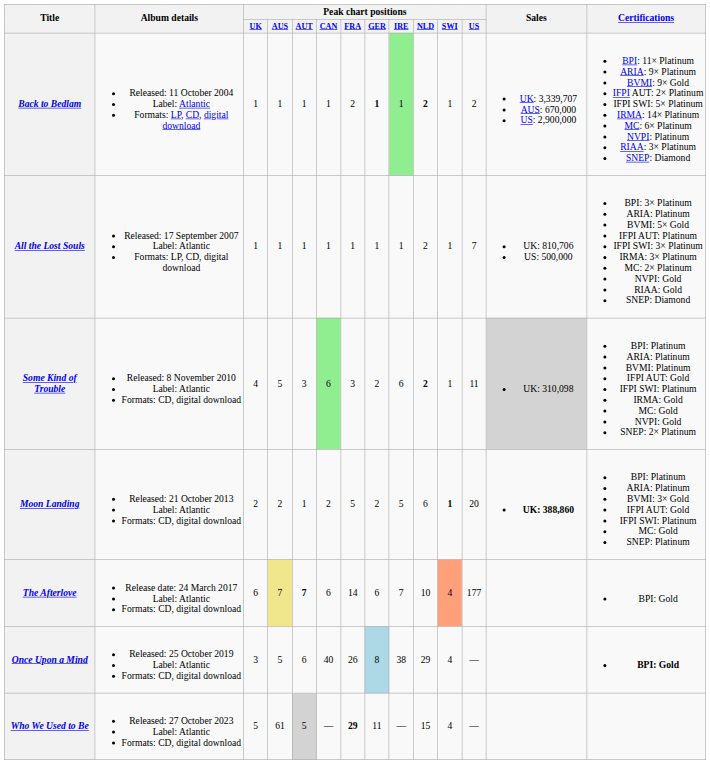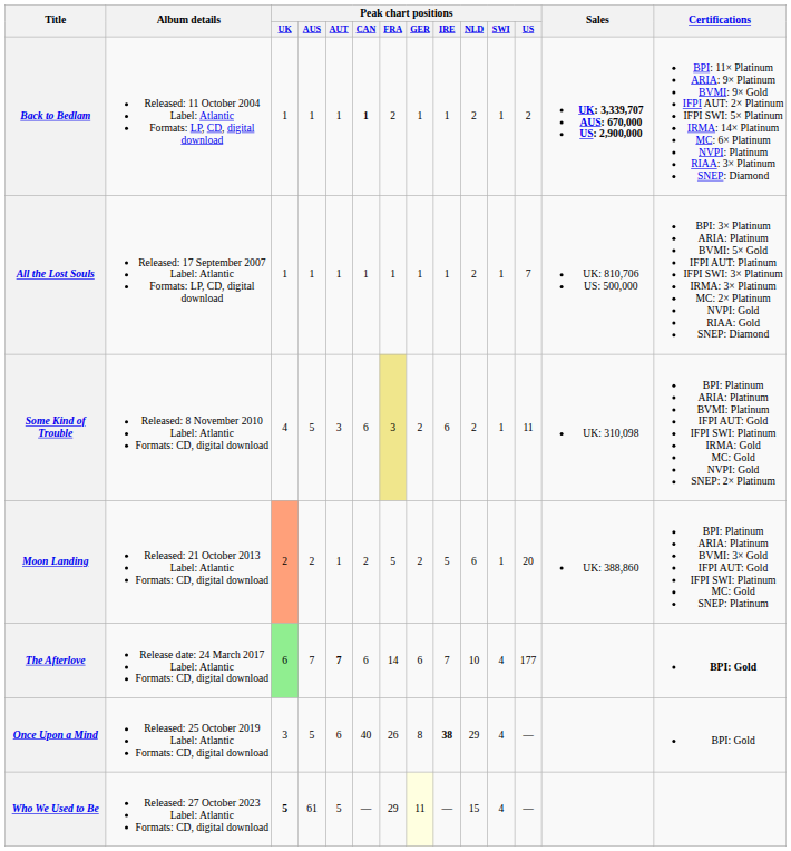 <table class="wikitable plainrowheaders" style="text-align:center;" border="1">
 <tr>
 <th scope="col" rowspan="2" style="width:9em;">Title</th>
 <th scope="col" rowspan="2" style="width:15em;">Album details</th>
 <th scope="col" colspan="10">Peak chart positions</th>
 <th scope="col" rowspan="2" style="width:10em;">Sales</th>
 <th scope="col" rowspan="2"><a href='#'>Certifications</a></th>
 </tr>
 <tr>
 <th scope="col" style="width:2.5em;font-size:85%;"><a href='#'>UK</a><br></th>
 <th scope="col" style="width:2.5em;font-size:85%;"><a href='#'>AUS</a><br></th>
 <th scope="col" style="width:2.5em;font-size:85%;"><a href='#'>AUT</a><br></th>
 <th scope="col" style="width:2.5em;font-size:85%;"><a href='#'>CAN</a><br></th>
 <th scope="col" style="width:2.5em;font-size:85%;"><a href='#'>FRA</a><br></th>
 <th scope="col" style="width:2.5em;font-size:85%;"><a href='#'>GER</a><br></th>
 <th scope="col" style="width:2.5em;font-size:85%;"><a href='#'>IRE</a><br></th>
 <th scope="col" style="width:2.5em;font-size:85%;"><a href='#'>NLD</a><br></th>
 <th scope="col" style="width:2.5em;font-size:85%;"><a href='#'>SWI</a><br></th>
 <th scope="col" style="width:2.5em;font-size:85%;"><a href='#'>US</a><br></th>
 </tr>
 <tr>
 <th scope="row"><em><a href='#'>Back to Bedlam</a></em></th>
 <td><br><ul><li>Released: 11 October 2004</li><li>Label: <a href='#'>Atlantic</a></li><li>Formats: <a href='#'>LP</a>, <a href='#'>CD</a>, <a href='#'>digital download</a></li></ul></td>
 <td>1</td>
 <td>1</td>
 <td>1</td>
+<td><strong>1</strong></td>
+<td>2</td>
+<td>1</td>
 <td>1</td>
 <td>2</td>
-<td><strong>1</strong></td>
-<td style="background: lightgreen;">1</td>
-<td><strong>2</strong></td>
 <td>1</td>
 <td>2</td>
-<td><br><ul><li><a href='#'>UK</a>: 3,339,707</li><li><a href='#'>AUS</a>: 670,000</li><li><a href='#'>US</a>: 2,900,000</li></ul></td>
+<td><strong><br><ul><li><a href='#'>UK</a>: 3,339,707</li><li><a href='#'>AUS</a>: 670,000</li><li><a href='#'>US</a>: 2,900,000</li></ul></strong></td>
 <td><br><ul><li><a href='#'>BPI</a>: 11× Platinum</li><li><a href='#'>ARIA</a>: 9× Platinum</li><li><a href='#'>BVMI</a>: 9× Gold</li><li><a href='#'>IFPI</a> AUT: 2× Platinum</li><li>IFPI SWI: 5× Platinum</li><li><a href='#'>IRMA</a>: 14× Platinum</li><li><a href='#'>MC</a>: 6× Platinum</li><li><a href='#'>NVPI</a>: Platinum</li><li><a href='#'>RIAA</a>: 3× Platinum</li><li><a href='#'>SNEP</a>: Diamond</li></ul></td>
 </tr>
 <tr>
 <th scope="row"><em><a href='#'>All the Lost Souls</a></em></th>
 <td><br><ul><li>Released: 17 September 2007</li><li>Label: Atlantic</li><li>Formats: LP, CD, digital download</li></ul></td>
 <td>1</td>
 <td>1</td>
 <td>1</td>
 <td>1</td>
 <td>1</td>
 <td>1</td>
 <td>1</td>
 <td>2</td>
 <td>1</td>
 <td>7</td>
 <td><br><ul><li>UK: 810,706</li><li>US: 500,000</li></ul></td>
 <td><br><ul><li>BPI: 3× Platinum</li><li>ARIA: Platinum</li><li>BVMI: 5× Gold</li><li>IFPI AUT: Platinum</li><li>IFPI SWI: 3× Platinum</li><li>IRMA: 3× Platinum</li><li>MC: 2× Platinum</li><li>NVPI: Gold</li><li>RIAA: Gold</li><li>SNEP: Diamond</li></ul></td>
 </tr>
 <tr>
 <th scope="row"><em><a href='#'>Some Kind of Trouble</a></em></th>
 <td><br><ul><li>Released: 8 November 2010</li><li>Label: Atlantic</li><li>Formats: CD, digital download</li></ul></td>
 <td>4</td>
 <td>5</td>
 <td>3</td>
-<td style="background: lightgreen;">6</td>
-<td>3</td>
+<td>6</td>
+<td style="background: khaki;">3</td>
 <td>2</td>
 <td>6</td>
-<td><strong>2</strong></td>
+<td>2</td>
 <td>1</td>
 <td>11</td>
-<td style="background: lightgrey;"><br><ul><li>UK: 310,098</li></ul></td>
+<td><br><ul><li>UK: 310,098</li></ul></td>
 <td><br><ul><li>BPI: Platinum</li><li>ARIA: Platinum</li><li>BVMI: Platinum</li><li>IFPI AUT: Gold</li><li>IFPI SWI: Platinum</li><li>IRMA: Gold</li><li>MC: Gold</li><li>NVPI: Gold</li><li>SNEP: 2× Platinum</li></ul></td>
 </tr>
 <tr>
 <th scope="row"><em><a href='#'>Moon Landing</a></em></th>
 <td><br><ul><li>Released: 21 October 2013</li><li>Label: Atlantic</li><li>Formats: CD, digital download</li></ul></td>
-<td>2</td>
+<td style="background: lightsalmon;">2</td>
 <td>2</td>
 <td>1</td>
 <td>2</td>
 <td>5</td>
 <td>2</td>
 <td>5</td>
 <td>6</td>
-<td><strong>1</strong></td>
+<td>1</td>
 <td>20</td>
-<td><strong><br><ul><li>UK: 388,860</li></ul></strong></td>
+<td><br><ul><li>UK: 388,860</li></ul></td>
 <td><br><ul><li>BPI: Platinum</li><li>ARIA: Platinum</li><li>BVMI: 3× Gold</li><li>IFPI AUT: Gold</li><li>IFPI SWI: Platinum</li><li>MC: Gold</li><li>SNEP: Platinum</li></ul></td>
 </tr>
 <tr>
 <th scope="row"><em><a href='#'>The Afterlove</a></em></th>
 <td><br><ul><li>Release date: 24 March 2017</li><li>Label: Atlantic</li><li>Formats: CD, digital download</li></ul></td>
-<td>6</td>
-<td style="background: khaki;">7</td>
+<td style="background: lightgreen;">6</td>
+<td>7</td>
 <td><strong>7</strong></td>
 <td>6</td>
 <td>14</td>
 <td>6</td>
 <td>7</td>
 <td>10</td>
-<td style="background: lightsalmon;">4</td>
+<td>4</td>
 <td>177</td>
 <td></td>
-<td><br><ul><li>BPI: Gold</li></ul></td>
+<td><strong><br><ul><li>BPI: Gold</li></ul></strong></td>
 </tr>
 <tr>
 <th scope="row"><em><a href='#'>Once Upon a Mind</a></em></th>
 <td><br><ul><li>Released: 25 October 2019</li><li>Label: Atlantic</li><li>Formats: CD, digital download</li></ul></td>
 <td>3</td>
 <td>5</td>
 <td>6</td>
 <td>40</td>
 <td>26</td>
-<td style="background: lightblue;">8</td>
-<td>38</td>
+<td>8</td>
+<td><strong>38</strong></td>
 <td>29</td>
 <td>4</td>
 <td>—</td>
 <td></td>
-<td><strong><br><ul><li>BPI: Gold</li></ul></strong></td>
+<td><br><ul><li>BPI: Gold</li></ul></td>
 </tr>
 <tr>
 <th scope="row"><em><a href='#'>Who We Used to Be</a></em></th>
 <td><br><ul><li>Released: 27 October 2023</li><li>Label: Atlantic</li><li>Formats: CD, digital download</li></ul></td>
+<td><strong>5</strong></td>
+<td>61</td>
 <td>5</td>
-<td>61</td>
-<td style="background: lightgrey;">5</td>
 <td>—</td>
-<td><strong>29</strong></td>
-<td>11</td>
+<td>29</td>
+<td style="background: lightyellow;">11</td>
 <td>—</td>
 <td>15</td>
 <td>4</td>
 <td>—</td>
 <td></td>
 <td></td>
 </tr>
 </table>
